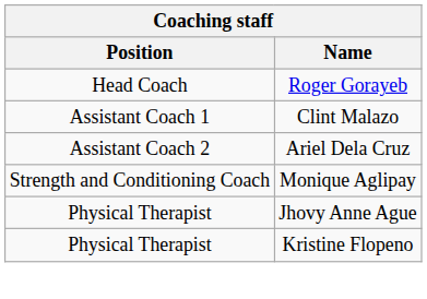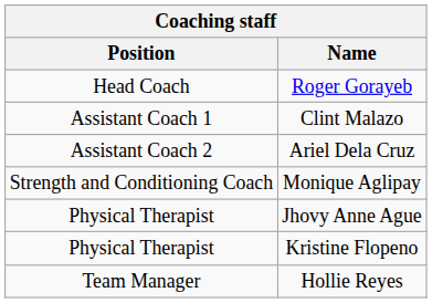 <table class="wikitable" style="font-size:95%; text-align:center;">
 <tr>
 <th colspan="2">Coaching staff</th>
 </tr>
 <tr>
 <th>Position</th>
 <th>Name</th>
 </tr>
 <tr>
 <td>Head Coach</td>
 <td> <a href='#'>Roger Gorayeb</a></td>
 </tr>
 <tr>
 <td>Assistant Coach 1</td>
 <td> Clint Malazo</td>
 </tr>
 <tr>
 <td>Assistant Coach 2</td>
 <td> Ariel Dela Cruz</td>
 </tr>
 <tr>
 <td>Strength and Conditioning Coach</td>
 <td> Monique Aglipay</td>
 </tr>
 <tr>
 <td>Physical Therapist</td>
 <td> Jhovy Anne Ague</td>
 </tr>
 <tr>
 <td>Physical Therapist</td>
 <td> Kristine Flopeno</td>
 </tr>
+<tr>
+<td>Team Manager</td>
+<td> Hollie Reyes</td>
+</tr>
 </table>
